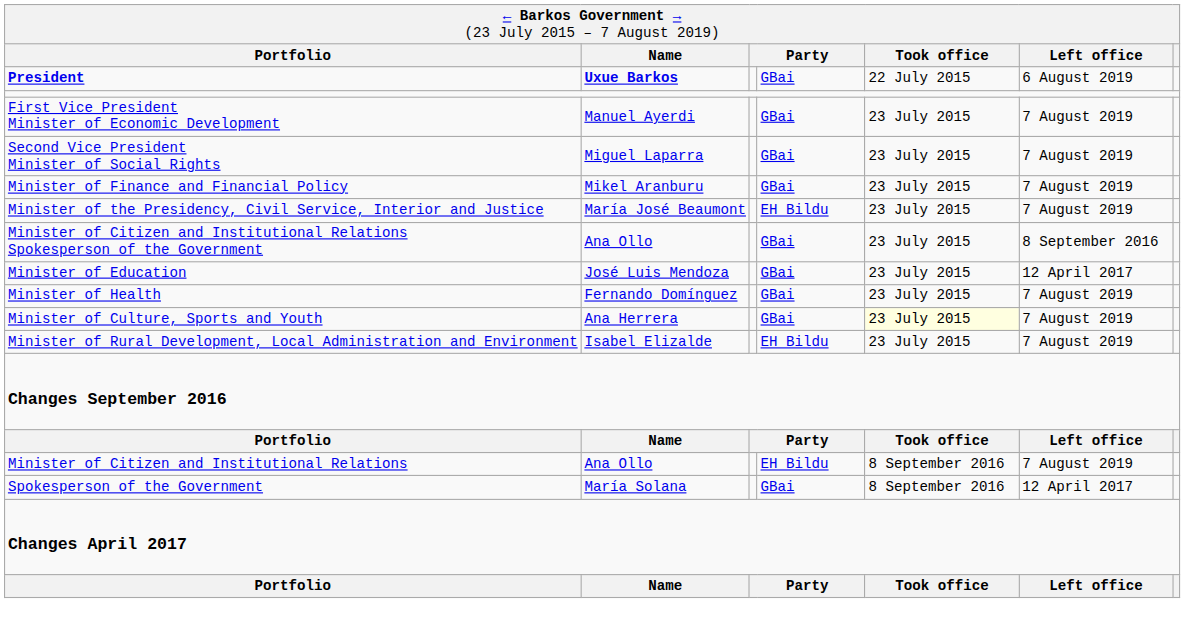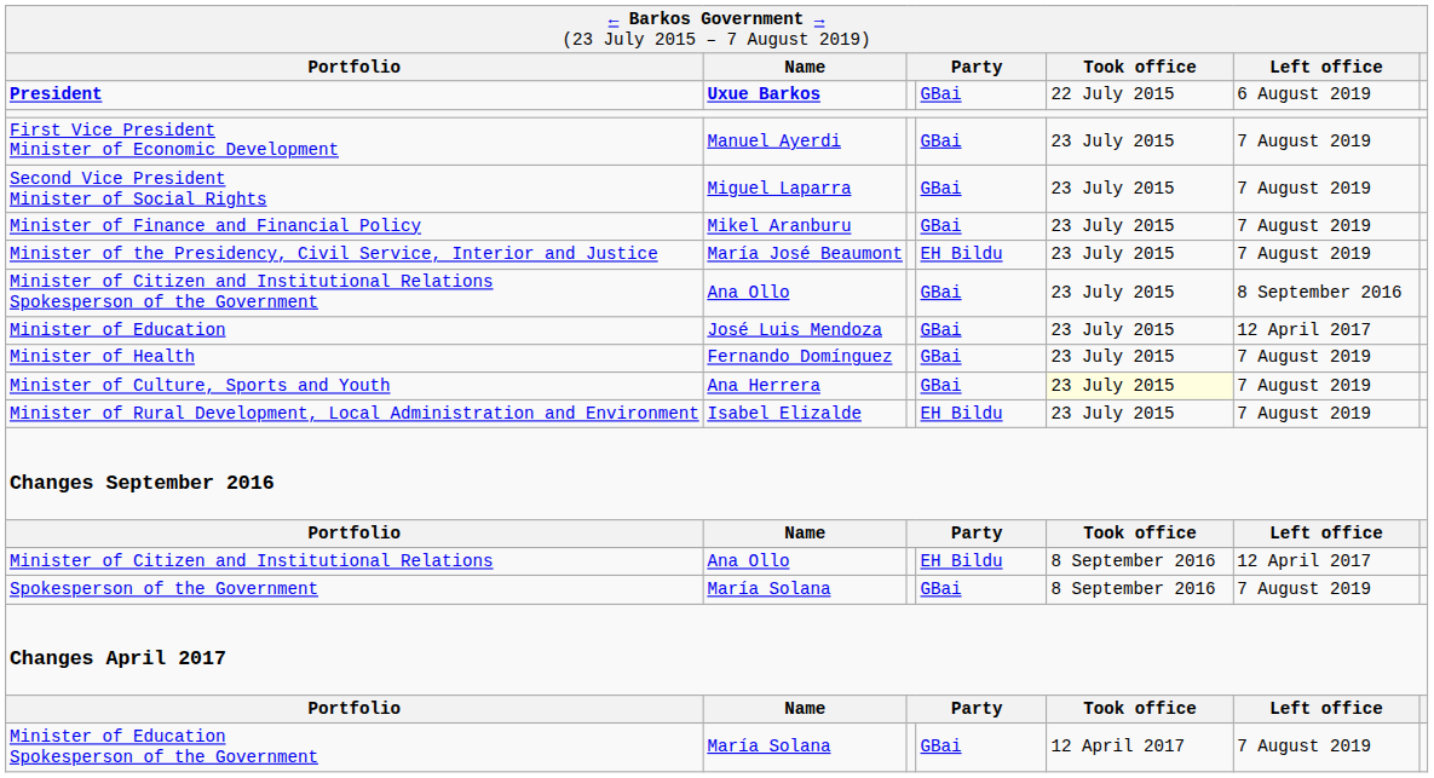 <table class="wikitable">
 <tr>
 <td colspan="7" bgcolor="#F2F2F2" align="center"><a href='#'>←</a> <strong>Barkos Government</strong> <a href='#'>→</a><br>(23 July 2015 – 7 August 2019)</td>
 </tr>
 <tr>
 <th>Portfolio</th>
 <th>Name</th>
 <th width="100px" colspan="2">Party</th>
 <th width="135px">Took office</th>
 <th width="135px">Left office</th>
 <th></th>
 </tr>
 <tr>
 <td><strong><a href='#'>President</a></strong></td>
 <td><strong><a href='#'>Uxue Barkos</a></strong></td>
 <td width="1" style="color:inherit;background:"></td>
 <td><a href='#'>GBai</a> </td>
 <td>22 July 2015</td>
 <td>6 August 2019</td>
 <td align="center"></td>
 </tr>
 <tr>
 <td colspan="7"></td>
 </tr>
 <tr>
 <td><a href='#'>First Vice President</a><br><a href='#'>Minister of Economic Development</a></td>
 <td><a href='#'>Manuel Ayerdi</a></td>
 <td style="color:inherit;background:"></td>
 <td><a href='#'>GBai</a> </td>
 <td>23 July 2015</td>
 <td>7 August 2019</td>
 <td align="center"><br></td>
 </tr>
 <tr>
 <td><a href='#'>Second Vice President</a><br><a href='#'>Minister of Social Rights</a></td>
 <td><a href='#'>Miguel Laparra</a></td>
 <td style="color:inherit;background:"></td>
 <td><a href='#'>GBai</a> </td>
 <td>23 July 2015</td>
 <td>7 August 2019</td>
 <td align="center"><br></td>
 </tr>
 <tr>
 <td><a href='#'>Minister of Finance and Financial Policy</a></td>
 <td><a href='#'>Mikel Aranburu</a></td>
 <td style="color:inherit;background:"></td>
 <td><a href='#'>GBai</a> </td>
 <td>23 July 2015</td>
 <td>7 August 2019</td>
 <td align="center"></td>
 </tr>
 <tr>
 <td><a href='#'>Minister of the Presidency, Civil Service, Interior and Justice</a></td>
 <td><a href='#'>María José Beaumont</a></td>
 <td style="color:inherit;background:"></td>
 <td><a href='#'>EH Bildu</a> </td>
 <td>23 July 2015</td>
 <td>7 August 2019</td>
 <td align="center"></td>
 </tr>
 <tr>
 <td><a href='#'>Minister of Citizen and Institutional Relations</a><br><a href='#'>Spokesperson of the Government</a></td>
 <td><a href='#'>Ana Ollo</a></td>
 <td style="color:inherit;background:"></td>
 <td><a href='#'>GBai</a> </td>
 <td>23 July 2015</td>
 <td>8 September 2016</td>
 <td align="center"><br></td>
 </tr>
 <tr>
 <td><a href='#'>Minister of Education</a></td>
 <td><a href='#'>José Luis Mendoza</a></td>
 <td style="color:inherit;background:"></td>
 <td><a href='#'>GBai</a> </td>
 <td>23 July 2015</td>
 <td>12 April 2017</td>
 <td align="center"></td>
 </tr>
 <tr>
 <td><a href='#'>Minister of Health</a></td>
 <td><a href='#'>Fernando Domínguez</a></td>
 <td style="color:inherit;background:"></td>
 <td><a href='#'>GBai</a> </td>
 <td>23 July 2015</td>
 <td>7 August 2019</td>
 <td align="center"></td>
 </tr>
 <tr>
 <td><a href='#'>Minister of Culture, Sports and Youth</a></td>
 <td><a href='#'>Ana Herrera</a></td>
 <td style="color:inherit;background:"></td>
 <td><a href='#'>GBai</a> </td>
 <td style="background: lightyellow;">23 July 2015</td>
 <td>7 August 2019</td>
 <td align="center"></td>
 </tr>
 <tr>
 <td><a href='#'>Minister of Rural Development, Local Administration and Environment</a></td>
 <td><a href='#'>Isabel Elizalde</a></td>
 <td style="color:inherit;background:"></td>
 <td><a href='#'>EH Bildu</a> </td>
 <td>23 July 2015</td>
 <td>7 August 2019</td>
 <td align="center"></td>
 </tr>
 <tr>
 <td colspan="7"><br><h3>Changes September 2016</h3></td>
 </tr>
 <tr>
 <th>Portfolio</th>
 <th>Name</th>
 <th colspan="2">Party</th>
 <th>Took office</th>
 <th>Left office</th>
 <th></th>
 </tr>
 <tr>
 <td><a href='#'>Minister of Citizen and Institutional Relations</a></td>
 <td><a href='#'>Ana Ollo</a></td>
 <td style="color:inherit;background:"></td>
 <td><a href='#'>EH Bildu</a> </td>
 <td>8 September 2016</td>
-<td>7 August 2019</td>
+<td>12 April 2017</td>
 <td align="center"></td>
 </tr>
 <tr>
 <td><a href='#'>Spokesperson of the Government</a></td>
 <td><a href='#'>María Solana</a></td>
 <td style="color:inherit;background:"></td>
 <td><a href='#'>GBai</a> </td>
 <td>8 September 2016</td>
-<td>12 April 2017</td>
+<td>7 August 2019</td>
 <td align="center"></td>
 </tr>
 <tr>
 <td colspan="7"><br><h3>Changes April 2017</h3></td>
 </tr>
 <tr>
 <th>Portfolio</th>
 <th>Name</th>
 <th colspan="2">Party</th>
 <th>Took office</th>
 <th>Left office</th>
 <th></th>
 </tr>
+<tr>
+<td><a href='#'>Minister of Education</a><br><a href='#'>Spokesperson of the Government</a></td>
+<td><a href='#'>María Solana</a></td>
+<td style="color:inherit;background:"></td>
+<td><a href='#'>GBai</a> </td>
+<td>12 April 2017</td>
+<td>7 August 2019</td>
+<td align="center"></td>
+</tr>
 </table>
